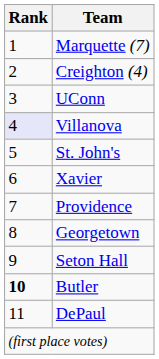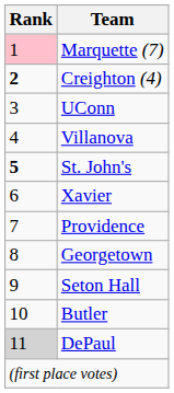 <table class="wikitable">
 <tr>
 <th>Rank</th>
 <th>Team</th>
 </tr>
 <tr>
-<td>1</td>
+<td style="background: pink;">1</td>
 <td><a href='#'>Marquette</a> <em>(7)</em></td>
 </tr>
 <tr>
-<td>2</td>
+<td><strong>2</strong></td>
 <td><a href='#'>Creighton</a> <em>(4)</em></td>
 </tr>
 <tr>
 <td>3</td>
 <td><a href='#'>UConn</a></td>
 </tr>
 <tr>
-<td style="background: lavender;">4</td>
+<td>4</td>
 <td><a href='#'>Villanova</a></td>
 </tr>
 <tr>
-<td>5</td>
+<td><strong>5</strong></td>
 <td><a href='#'>St. John's</a></td>
 </tr>
 <tr>
 <td>6</td>
 <td><a href='#'>Xavier</a></td>
 </tr>
 <tr>
 <td>7</td>
 <td><a href='#'>Providence</a></td>
 </tr>
 <tr>
 <td>8</td>
 <td><a href='#'>Georgetown</a></td>
 </tr>
 <tr>
 <td>9</td>
 <td><a href='#'>Seton Hall</a></td>
 </tr>
 <tr>
-<td><strong>10</strong></td>
+<td>10</td>
 <td><a href='#'>Butler</a></td>
 </tr>
 <tr>
-<td>11</td>
+<td style="background: lightgrey;">11</td>
 <td><a href='#'>DePaul</a></td>
 </tr>
 <tr>
 <td colspan="3" valign="middle"><small><em>(first place votes)</em></small></td>
 </tr>
 </table>
